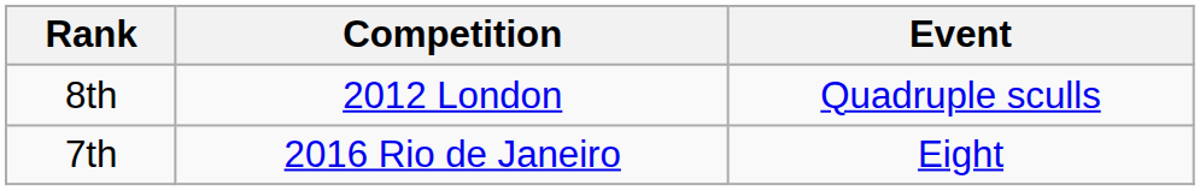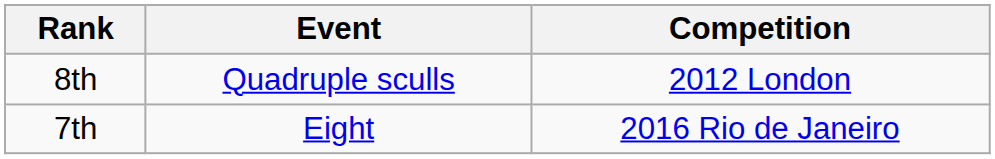 <table class="wikitable" width=40% style="font-size:100%; text-align:center;">
 <tr>
 <th>Rank</th>
+<th>Event<br>   </th>
 <th>Competition</th>
-<th>Event<br>   </th>
 </tr>
 <tr>
 <td>8th</td>
+<td><a href='#'>Quadruple sculls</a></td>
 <td><a href='#'>2012 London</a></td>
-<td><a href='#'>Quadruple sculls</a></td>
 </tr>
 <tr>
 <td>7th</td>
+<td><a href='#'>Eight</a><br>      </td>
 <td><a href='#'>2016 Rio de Janeiro</a></td>
-<td><a href='#'>Eight</a><br>      </td>
 </tr>
 </table>
